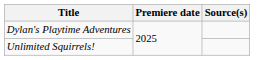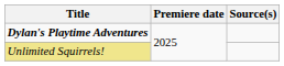 <table class="wikitable sortable">
 <tr>
 <th>Title</th>
 <th>Premiere date</th>
 <th>Source(s)</th>
 </tr>
 <tr>
-<td><em>Dylan's Playtime Adventures</em></td>
+<td><strong><em>Dylan's Playtime Adventures</em></strong></td>
 <td rowspan="2">2025</td>
 <td></td>
 </tr>
 <tr>
-<td><em>Unlimited Squirrels!</em></td>
+<td style="background: khaki;"><em>Unlimited Squirrels!</em></td>
 <td></td>
 </tr>
 </table>
